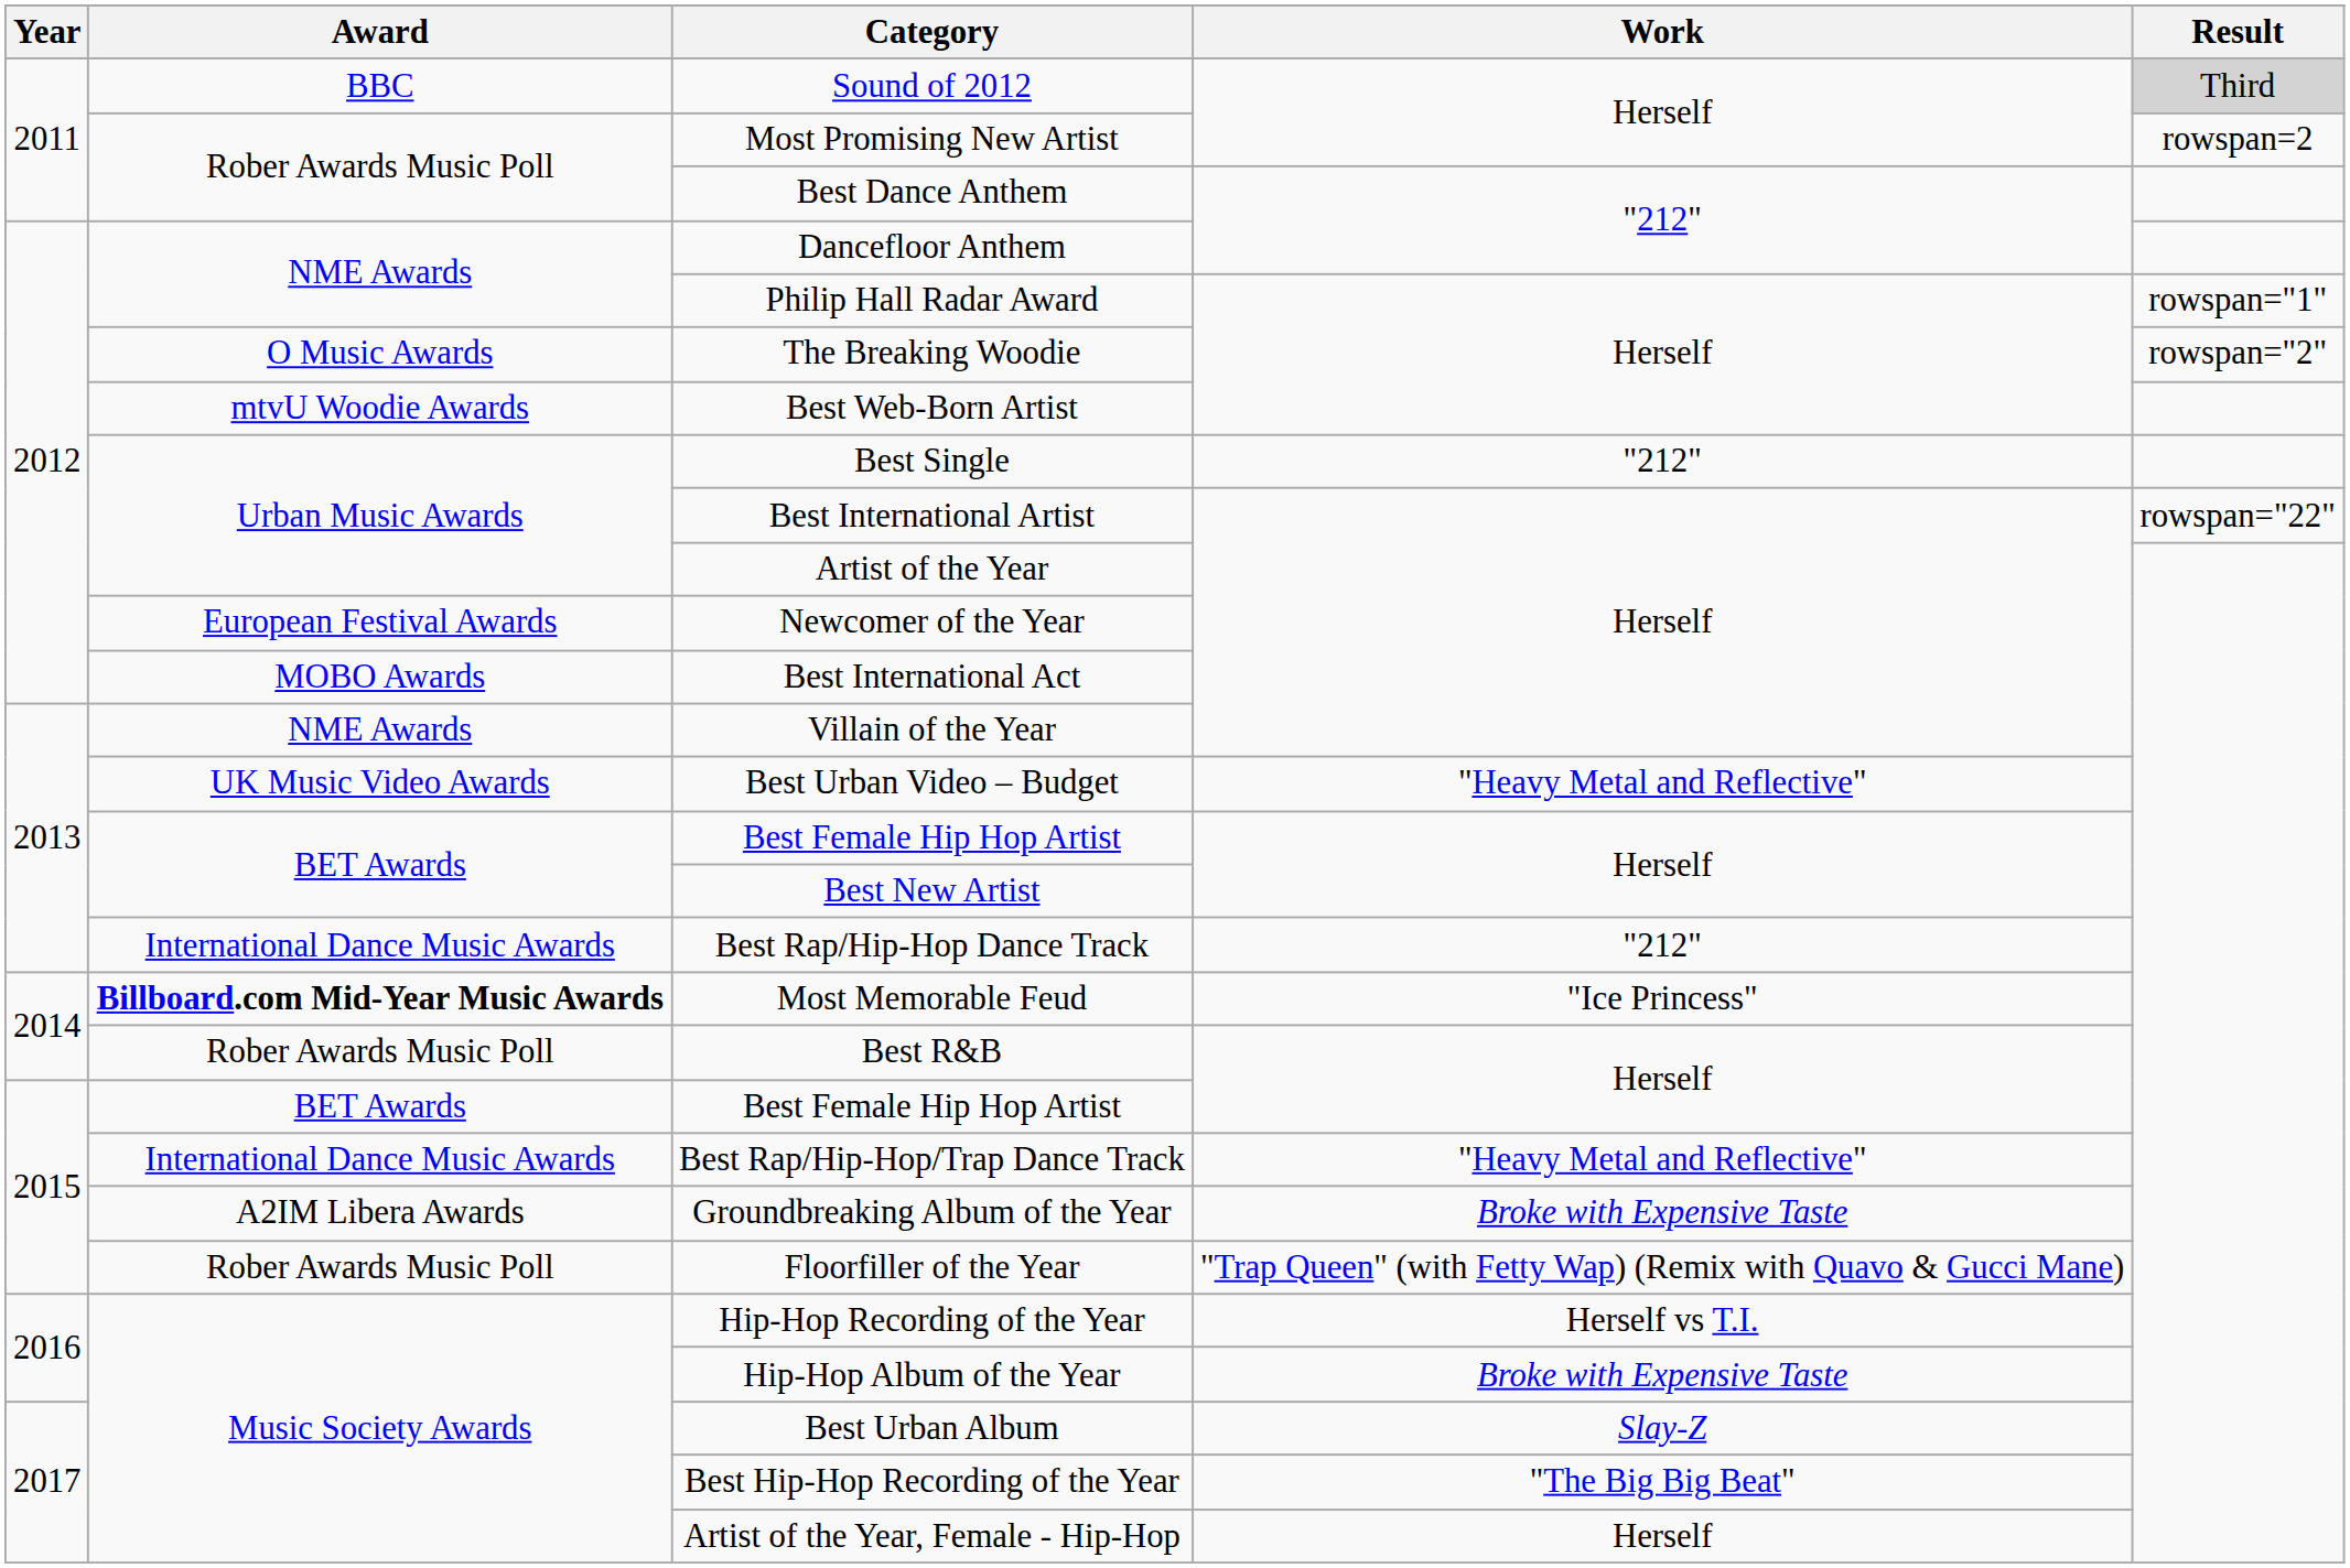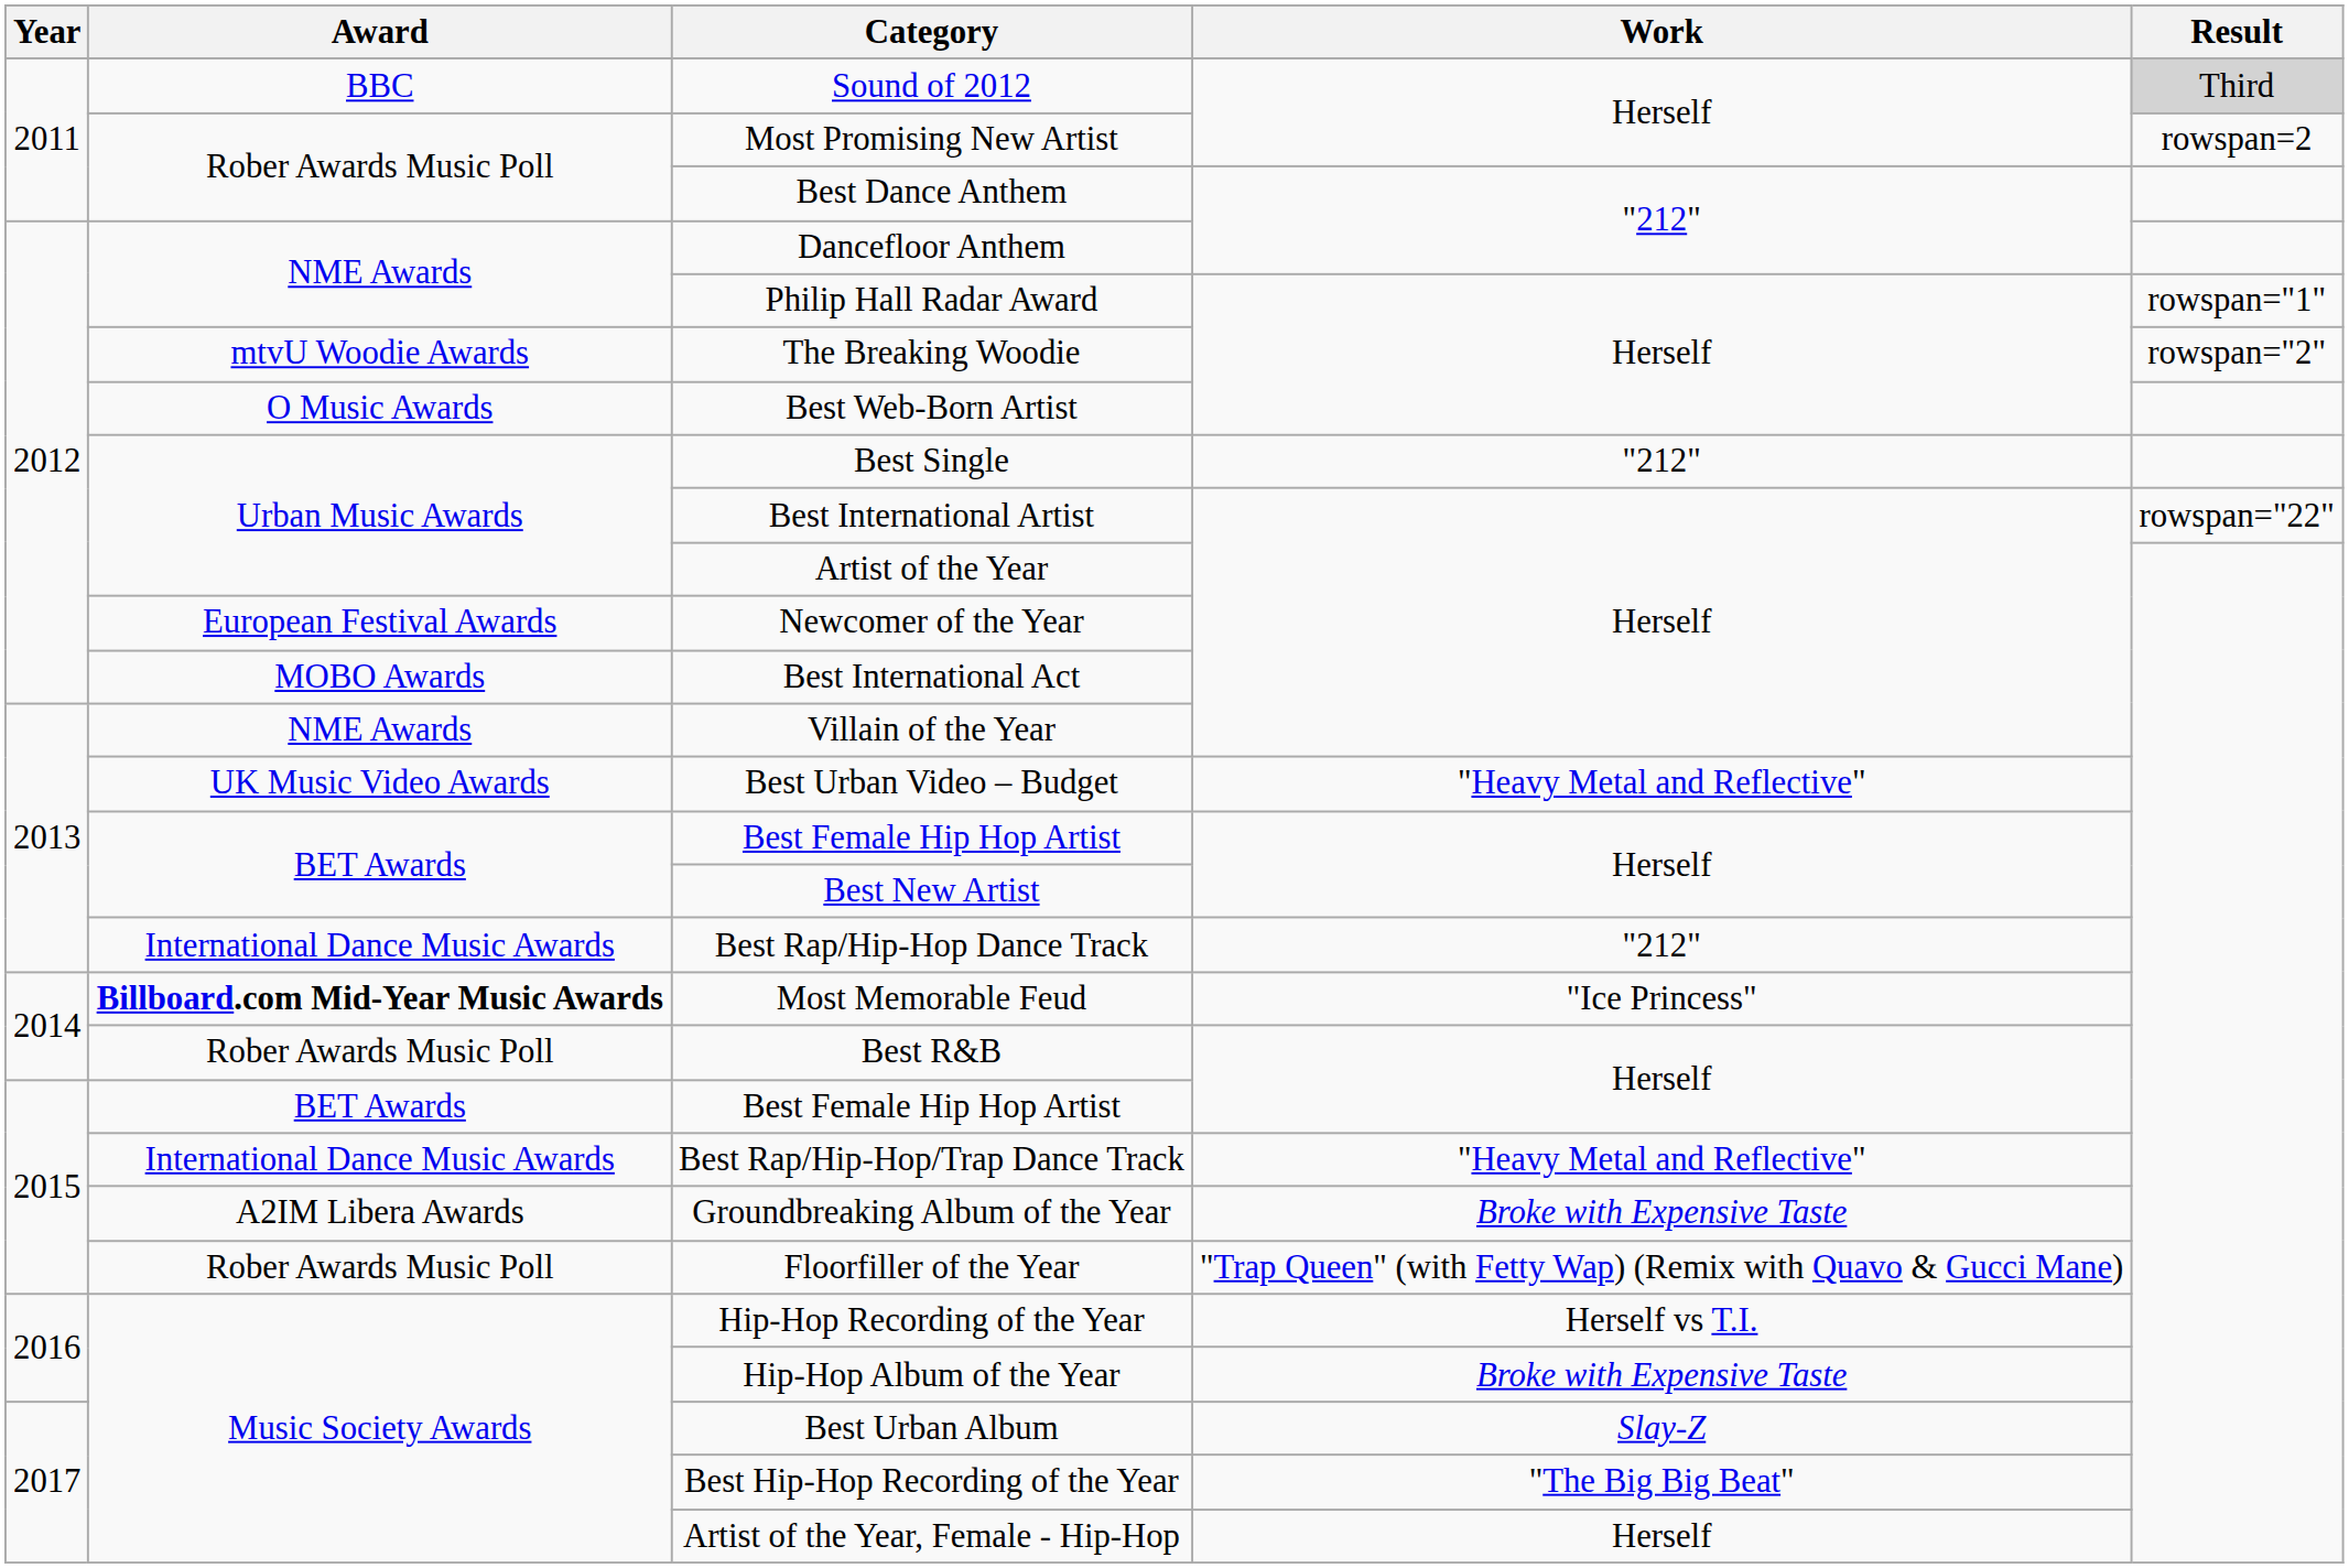 <table class="wikitable plainrowheaders" style="text-align:center;">
 <tr>
 <th>Year</th>
 <th>Award</th>
 <th>Category</th>
 <th>Work</th>
 <th>Result</th>
 </tr>
 <tr>
 <td rowspan=3>2011</td>
 <td><a href='#'>BBC</a></td>
 <td><a href='#'>Sound of 2012</a></td>
 <td rowspan=2>Herself</td>
 <td style="background:lightgrey">Third</td>
 </tr>
 <tr>
 <td rowspan=2>Rober Awards Music Poll</td>
 <td>Most Promising New Artist</td>
 <td>rowspan=2 </td>
 </tr>
 <tr>
 <td>Best Dance Anthem</td>
 <td rowspan=2>"<a href='#'>212</a>"</td>
 </tr>
 <tr>
 <td rowspan="9">2012</td>
 <td rowspan="2"><a href='#'>NME Awards</a></td>
 <td>Dancefloor Anthem</td>
 <td></td>
 </tr>
 <tr>
 <td>Philip Hall Radar Award</td>
 <td rowspan="3">Herself</td>
 <td>rowspan="1" </td>
 </tr>
 <tr>
-<td><a href='#'>O Music Awards</a></td>
+<td><a href='#'>mtvU Woodie Awards</a></td>
 <td>The Breaking Woodie</td>
 <td>rowspan="2" </td>
 </tr>
 <tr>
-<td><a href='#'>mtvU Woodie Awards</a></td>
+<td><a href='#'>O Music Awards</a></td>
 <td>Best Web-Born Artist</td>
 </tr>
 <tr>
 <td rowspan="3"><a href='#'>Urban Music Awards</a></td>
 <td>Best Single</td>
 <td>"212"</td>
 <td></td>
 </tr>
 <tr>
 <td>Best International Artist</td>
 <td rowspan="5">Herself</td>
 <td>rowspan="22" </td>
 </tr>
 <tr>
 <td>Artist of the Year</td>
 </tr>
 <tr>
 <td><a href='#'>European Festival Awards</a></td>
 <td>Newcomer of the Year</td>
 </tr>
 <tr>
 <td><a href='#'>MOBO Awards</a></td>
 <td>Best International Act</td>
 </tr>
 <tr>
 <td rowspan="5">2013</td>
 <td><a href='#'>NME Awards</a></td>
 <td>Villain of the Year</td>
 </tr>
 <tr>
 <td><a href='#'>UK Music Video Awards</a></td>
 <td>Best Urban Video – Budget</td>
 <td>"<a href='#'>Heavy Metal and Reflective</a>"</td>
 </tr>
 <tr>
 <td rowspan="2"><a href='#'>BET Awards</a></td>
 <td><a href='#'>Best Female Hip Hop Artist</a></td>
 <td rowspan="2">Herself</td>
 </tr>
 <tr>
 <td><a href='#'>Best New Artist</a></td>
 </tr>
 <tr>
 <td><a href='#'>International Dance Music Awards</a></td>
 <td>Best Rap/Hip-Hop Dance Track</td>
 <td>"212"</td>
 </tr>
 <tr>
 <td rowspan=2>2014</td>
 <td><strong><a href='#'>Billboard</a>.com Mid-Year Music Awards</strong></td>
 <td>Most Memorable Feud</td>
 <td>"Ice Princess"</td>
 </tr>
 <tr>
 <td>Rober Awards Music Poll</td>
 <td>Best R&B</td>
 <td rowspan=2>Herself</td>
 </tr>
 <tr>
 <td rowspan=4>2015</td>
 <td><a href='#'>BET Awards</a></td>
 <td>Best Female Hip Hop Artist</td>
 </tr>
 <tr>
 <td><a href='#'>International Dance Music Awards</a></td>
 <td>Best Rap/Hip-Hop/Trap Dance Track</td>
 <td>"<a href='#'>Heavy Metal and Reflective</a>"</td>
 </tr>
 <tr>
 <td>A2IM Libera Awards</td>
 <td>Groundbreaking Album of the Year</td>
 <td><em><a href='#'>Broke with Expensive Taste</a></em></td>
 </tr>
 <tr>
 <td>Rober Awards Music Poll</td>
 <td>Floorfiller of the Year</td>
 <td>"<a href='#'>Trap Queen</a>" (with <a href='#'>Fetty Wap</a>) (Remix with <a href='#'>Quavo</a> & <a href='#'>Gucci Mane</a>)</td>
 </tr>
 <tr>
 <td rowspan=2>2016</td>
 <td rowspan=6><a href='#'>Music Society Awards</a></td>
 <td>Hip-Hop Recording of the Year</td>
 <td>Herself vs <a href='#'>T.I.</a></td>
 </tr>
 <tr>
 <td rowspan=2>Hip-Hop Album of the Year</td>
 <td><em><a href='#'>Broke with Expensive Taste</a></em></td>
 </tr>
 <tr>
 <td rowspan=4>2017</td>
 <td rowspan=2><em><a href='#'>Slay-Z</a></em></td>
 </tr>
 <tr>
 <td>Best Urban Album</td>
 </tr>
 <tr>
 <td>Best Hip-Hop Recording of the Year</td>
 <td>"<a href='#'>The Big Big Beat</a>"</td>
 </tr>
 <tr>
 <td>Artist of the Year, Female - Hip-Hop</td>
 <td>Herself</td>
 </tr>
 </table>
